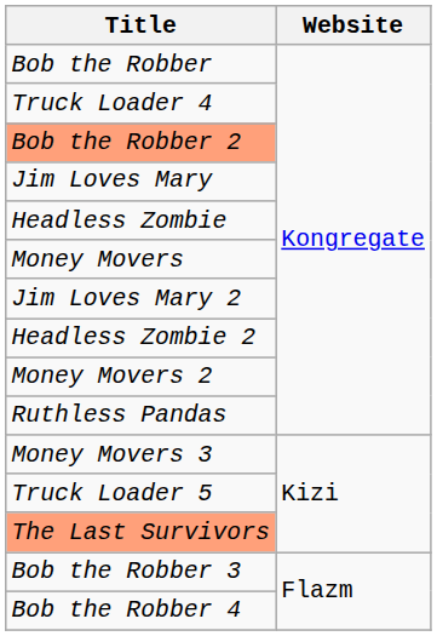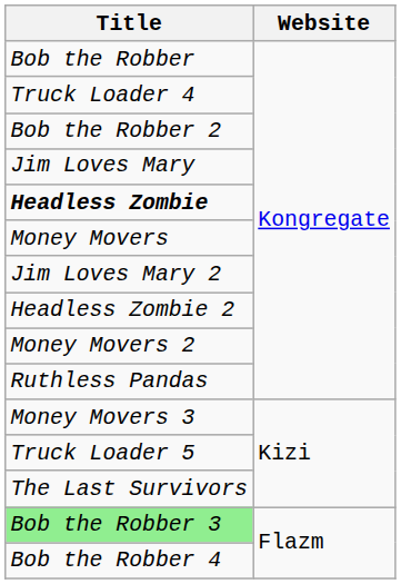 <table class="wikitable">
 <tr>
 <th>Title</th>
 <th>Website</th>
 </tr>
 <tr>
 <td><em>Bob the Robber</em></td>
 <td rowspan=10><a href='#'>Kongregate</a></td>
 </tr>
 <tr>
 <td><em>Truck Loader 4</em></td>
 </tr>
 <tr>
-<td style="background: lightsalmon;"><em>Bob the Robber 2</em></td>
+<td><em>Bob the Robber 2</em></td>
 </tr>
 <tr>
 <td><em>Jim Loves Mary</em></td>
 </tr>
 <tr>
-<td><em>Headless Zombie</em></td>
+<td><strong><em>Headless Zombie</em></strong></td>
 </tr>
 <tr>
 <td><em>Money Movers</em></td>
 </tr>
 <tr>
 <td><em>Jim Loves Mary 2</em></td>
 </tr>
 <tr>
 <td><em>Headless Zombie 2</em></td>
 </tr>
 <tr>
 <td><em>Money Movers 2</em></td>
 </tr>
 <tr>
 <td><em>Ruthless Pandas</em></td>
 </tr>
 <tr>
 <td><em>Money Movers 3</em></td>
 <td rowspan=3>Kizi</td>
 </tr>
 <tr>
 <td><em>Truck Loader 5</em></td>
 </tr>
 <tr>
-<td style="background: lightsalmon;"><em>The Last Survivors</em></td>
+<td><em>The Last Survivors</em></td>
 </tr>
 <tr>
-<td><em>Bob the Robber 3</em></td>
+<td style="background: lightgreen;"><em>Bob the Robber 3</em></td>
 <td rowspan=2>Flazm</td>
 </tr>
 <tr>
 <td><em>Bob the Robber 4</em></td>
 </tr>
 </table>
